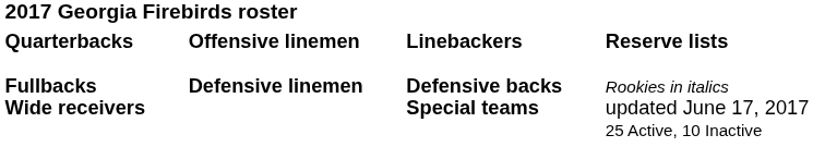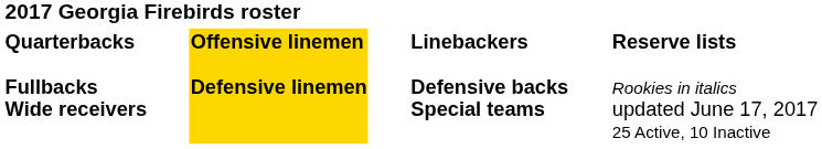 <table class="toccolours" style="text-align: left;">
 <tr>
 <th colspan="7"><strong>2017 Georgia Firebirds roster</strong></th>
 </tr>
 <tr>
 <td style="font-size: 95%;vertical-align:top;"><strong>Quarterbacks</strong><br><br><strong>Fullbacks</strong> <br><strong>Wide receivers</strong>        </td>
 <td style="width: 25px;"></td>
-<td style="font-size: 95%;vertical-align:top;"><strong>Offensive linemen</strong><br>  <br><strong>Defensive linemen</strong>     </td>
+<td style="background: gold; font-size: 95%;vertical-align:top;"><strong>Offensive linemen</strong><br>  <br><strong>Defensive linemen</strong>     </td>
 <td style="width: 25px;"></td>
 <td style="font-size: 95%;vertical-align:top;"><strong>Linebackers</strong><br><br><strong>Defensive backs</strong>     <br><strong>Special teams</strong> </td>
 <td style="width: 25px;"></td>
 <td style="font-size: 95%;vertical-align:top;"><strong>Reserve lists</strong><br>         <br><small><em>Rookies in italics</em></small><br>  updated June 17, 2017<br> <small>25 Active, 10 Inactive</small></td>
 </tr>
 <tr>
 </tr>
 </table>
